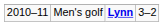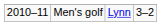 <table class="wikitable" style="text-align:center">
 <tr align="center">
 </tr>
 <tr align="center" bgcolor="">
 <td>2010–11</td>
 <td>Men's golf</td>
-<td><strong><a href='#'>Lynn</a></strong></td>
+<td><a href='#'>Lynn</a></td>
 <td>3–2</td>
 </tr>
 </table>
